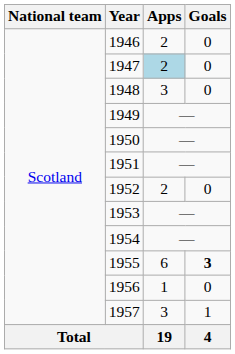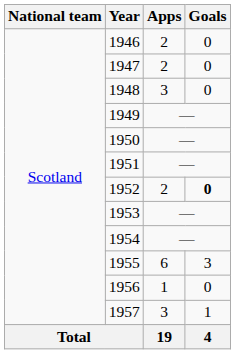 <table class="wikitable" style="font-size:100%; text-align: center">
 <tr>
 <th>National team</th>
 <th>Year</th>
 <th>Apps</th>
 <th>Goals</th>
 </tr>
 <tr>
 <td rowspan="12"><a href='#'>Scotland</a></td>
 <td>1946</td>
 <td>2</td>
 <td>0</td>
 </tr>
 <tr>
 <td>1947</td>
-<td style="background: lightblue;">2</td>
+<td>2</td>
 <td>0</td>
 </tr>
 <tr>
 <td>1948</td>
 <td>3</td>
 <td>0</td>
 </tr>
 <tr>
 <td>1949</td>
 <td colspan=2>—</td>
 </tr>
 <tr>
 <td>1950</td>
 <td colspan=2>—</td>
 </tr>
 <tr>
 <td>1951</td>
 <td colspan=2>—</td>
 </tr>
 <tr>
 <td>1952</td>
 <td>2</td>
-<td>0</td>
+<td><strong>0</strong></td>
 </tr>
 <tr>
 <td>1953</td>
 <td colspan=2>—</td>
 </tr>
 <tr>
 <td>1954</td>
 <td colspan=2>—</td>
 </tr>
 <tr>
 <td>1955</td>
 <td>6</td>
-<td><strong>3</strong></td>
+<td>3</td>
 </tr>
 <tr>
 <td>1956</td>
 <td>1</td>
 <td>0</td>
 </tr>
 <tr>
 <td>1957</td>
 <td>3</td>
 <td>1</td>
 </tr>
 <tr>
 <th colspan=2>Total</th>
 <th>19</th>
 <th>4</th>
 </tr>
 </table>
